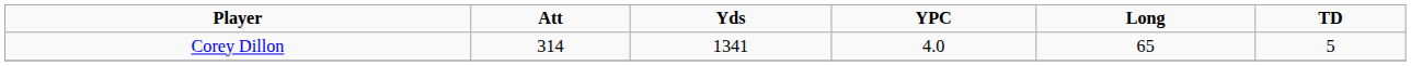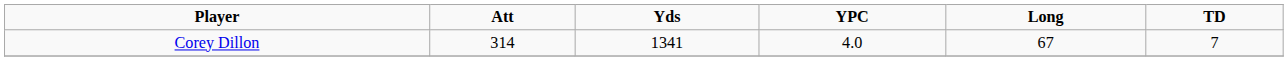 <table class="wikitable" width="80%">
 <tr align="center">
 <td><strong>Player</strong></td>
 <td><strong>Att</strong></td>
 <td><strong>Yds</strong></td>
 <td><strong>YPC</strong></td>
 <td><strong>Long</strong></td>
 <td><strong>TD</strong></td>
 </tr>
 <tr align="center" bgcolor="">
 <td><a href='#'>Corey Dillon</a></td>
 <td>314</td>
 <td>1341</td>
 <td>4.0</td>
-<td>65</td>
-<td>5</td>
+<td>67</td>
+<td>7</td>
 </tr>
 <tr align="center" bgcolor="">
 </tr>
 </table>
